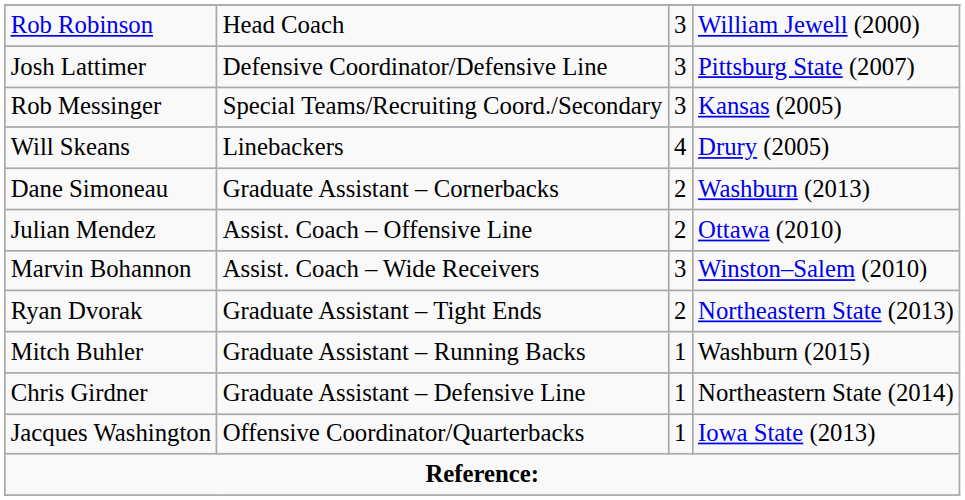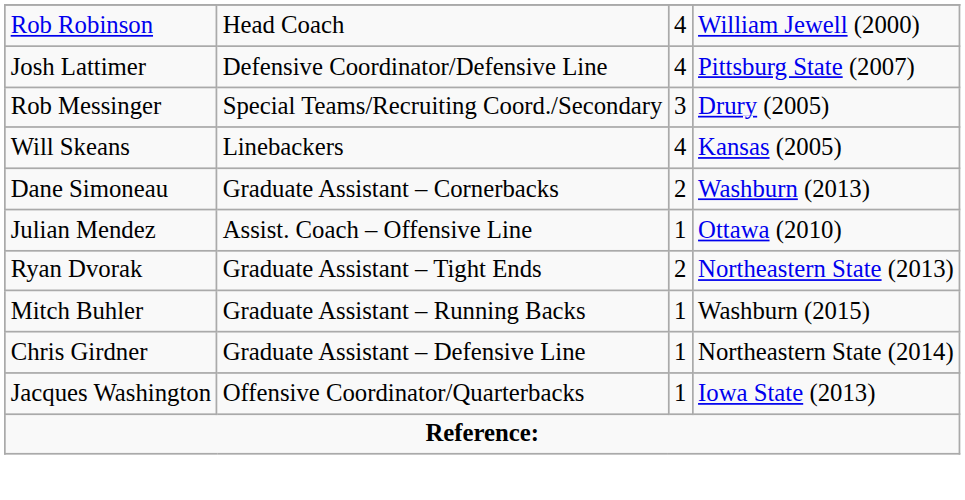 <table class="wikitable" border="1" style="font-size:90%;">
 <tr>
 </tr>
 <tr>
 <td><a href='#'>Rob Robinson</a></td>
 <td>Head Coach</td>
-<td align=center>3</td>
+<td align=center>4</td>
 <td><a href='#'>William Jewell</a> (2000)</td>
 </tr>
 <tr>
 <td>Josh Lattimer</td>
 <td>Defensive Coordinator/Defensive Line</td>
-<td align=center>3</td>
+<td align=center>4</td>
 <td><a href='#'>Pittsburg State</a> (2007)</td>
 </tr>
 <tr>
 <td>Rob Messinger</td>
 <td>Special Teams/Recruiting Coord./Secondary</td>
 <td align=center>3</td>
-<td><a href='#'>Kansas</a> (2005)</td>
+<td><a href='#'>Drury</a> (2005)</td>
 </tr>
 <tr>
 <td>Will Skeans</td>
 <td>Linebackers</td>
 <td align=center>4</td>
-<td><a href='#'>Drury</a> (2005)</td>
+<td><a href='#'>Kansas</a> (2005)</td>
 </tr>
 <tr>
 <td>Dane Simoneau</td>
 <td>Graduate Assistant – Cornerbacks</td>
 <td align=center>2</td>
 <td><a href='#'>Washburn</a> (2013)</td>
 </tr>
 <tr>
 <td>Julian Mendez</td>
 <td>Assist. Coach – Offensive Line</td>
-<td align=center>2</td>
+<td align=center>1</td>
 <td><a href='#'>Ottawa</a> (2010)</td>
-</tr>
-<tr>
-<td>Marvin Bohannon</td>
-<td>Assist. Coach – Wide Receivers</td>
-<td align=center>3</td>
-<td><a href='#'>Winston–Salem</a> (2010)</td>
 </tr>
 <tr>
 <td>Ryan Dvorak</td>
 <td>Graduate Assistant – Tight Ends</td>
 <td align=center>2</td>
 <td><a href='#'>Northeastern State</a> (2013)</td>
 </tr>
 <tr>
 <td>Mitch Buhler</td>
 <td>Graduate Assistant – Running Backs</td>
 <td align=center>1</td>
 <td>Washburn (2015)</td>
 </tr>
 <tr>
 <td>Chris Girdner</td>
 <td>Graduate Assistant – Defensive Line</td>
 <td align=center>1</td>
 <td>Northeastern State (2014)</td>
 </tr>
 <tr>
 <td>Jacques Washington</td>
 <td>Offensive Coordinator/Quarterbacks</td>
 <td align=center>1</td>
 <td><a href='#'>Iowa State</a> (2013)</td>
 </tr>
 <tr align="center">
 <td colspan=4><strong>Reference:</strong></td>
 </tr>
 </table>
